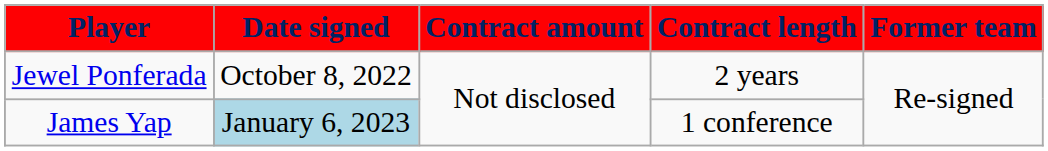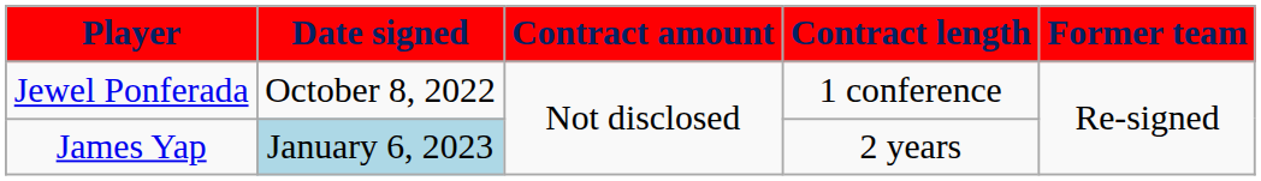 <table class="wikitable sortable sortable">
 <tr>
 <th style="background:#FE0003; color:#002366; ">Player</th>
 <th style="background:#FE0003; color:#002366; ">Date signed</th>
 <th style="background:#FE0003; color:#002366; ">Contract amount</th>
 <th style="background:#FE0003; color:#002366; ">Contract length</th>
 <th style="background:#FE0003; color:#002366; ">Former team</th>
 </tr>
 <tr>
 <td align=center><a href='#'>Jewel Ponferada</a></td>
 <td align=center>October 8, 2022</td>
 <td align=center rowspan=2>Not disclosed</td>
-<td align=center>2 years</td>
+<td align=center>1 conference</td>
 <td align=center rowspan=2>Re-signed</td>
 </tr>
 <tr>
 <td align=center><a href='#'>James Yap</a></td>
 <td align=center style="background: lightblue;">January 6, 2023</td>
-<td align=center>1 conference</td>
+<td align=center>2 years</td>
 </tr>
 </table>
